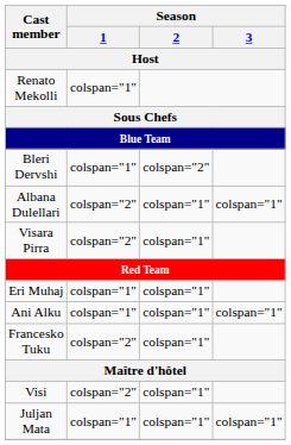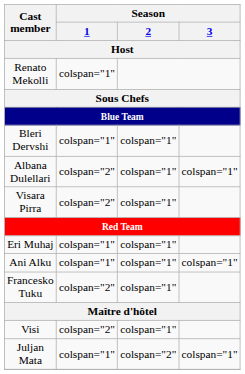 <table class="wikitable plainrowheaders" style="text-align:center; width:40%">
 <tr>
 <th scope="col" rowspan="2" style="width:8%;">Cast member</th>
 <th scope="col" colspan="3" style="width:15%;">Season</th>
 </tr>
 <tr>
 <th scope="col" style="width:5%"><a href='#'>1</a></th>
 <th scope="col" style="width:5%"><a href='#'>2</a></th>
 <th scope="col" style="width:5%"><a href='#'>3</a></th>
 </tr>
 <tr>
 <th scope="col" colspan="4">Host</th>
 </tr>
 <tr>
 <td scope="row">Renato Mekolli</td>
 <td>colspan="1" </td>
 </tr>
 <tr>
 <th scope="col" colspan="4">Sous Chefs</th>
 </tr>
 <tr>
 <th scope="col" colspan="4" style="background-color:darkblue; color:#fff;"><small>Blue Team</small></th>
 </tr>
 <tr>
 <td scope="row">Bleri Dervshi</td>
 <td>colspan="1" </td>
-<td>colspan="2" </td>
+<td>colspan="1" </td>
 </tr>
 <tr>
 <td scope="row">Albana Dulellari</td>
 <td>colspan="2" </td>
 <td>colspan="1" </td>
 <td>colspan="1" </td>
 </tr>
 <tr>
 <td scope="row">Visara Pirra</td>
 <td>colspan="2" </td>
 <td>colspan="1" </td>
 </tr>
 <tr>
 <th scope="col" colspan="4" style="background-color:red; color:#fff;"><small>Red Team</small></th>
 </tr>
 <tr>
 <td scope="row">Eri Muhaj</td>
 <td>colspan="1" </td>
 <td>colspan="1" </td>
 </tr>
 <tr>
 <td scope="row">Ani Alku</td>
 <td>colspan="1" </td>
 <td>colspan="1" </td>
 <td>colspan="1" </td>
 </tr>
 <tr>
 <td scope="row">Francesko Tuku</td>
 <td>colspan="2" </td>
 <td>colspan="1" </td>
 </tr>
 <tr>
 <th scope="col" colspan="4">Maître d'hôtel</th>
 </tr>
 <tr>
 <td scope="row">Visi</td>
 <td>colspan="2" </td>
 <td>colspan="1" </td>
 </tr>
 <tr>
 <td scope="row">Juljan Mata</td>
 <td>colspan="1" </td>
-<td>colspan="1" </td>
+<td>colspan="2" </td>
 <td>colspan="1" </td>
 </tr>
 <tr>
 </tr>
 </table>
